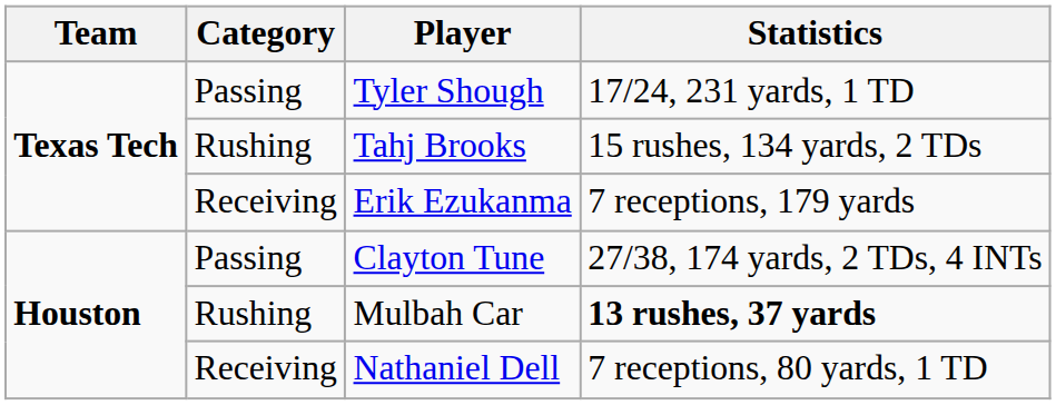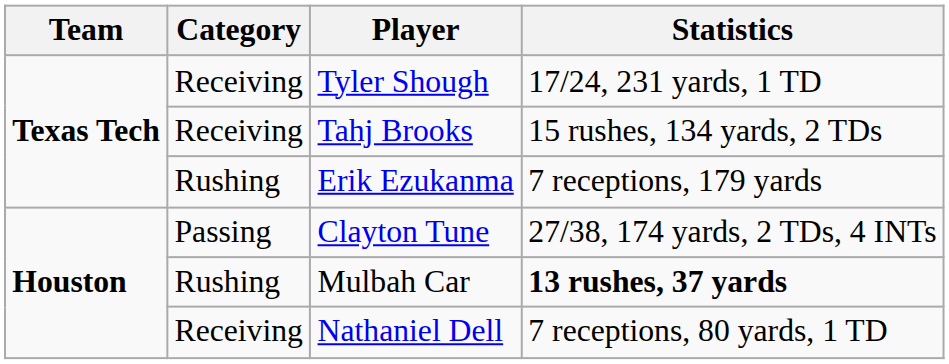 <table class="wikitable" style="float: left;">
 <tr>
 <th>Team</th>
 <th>Category</th>
 <th>Player</th>
 <th>Statistics</th>
 </tr>
 <tr>
 <td rowspan=3><strong>Texas Tech</strong></td>
-<td>Passing</td>
+<td>Receiving</td>
 <td><a href='#'>Tyler Shough</a></td>
 <td>17/24, 231 yards, 1 TD</td>
 </tr>
 <tr>
-<td>Rushing</td>
+<td>Receiving</td>
 <td><a href='#'>Tahj Brooks</a></td>
 <td>15 rushes, 134 yards, 2 TDs</td>
 </tr>
 <tr>
-<td>Receiving</td>
+<td>Rushing</td>
 <td><a href='#'>Erik Ezukanma</a></td>
 <td>7 receptions, 179 yards</td>
 </tr>
 <tr>
 <td rowspan=3><strong>Houston</strong></td>
 <td>Passing</td>
 <td><a href='#'>Clayton Tune</a></td>
 <td>27/38, 174 yards, 2 TDs, 4 INTs</td>
 </tr>
 <tr>
 <td>Rushing</td>
 <td>Mulbah Car</td>
 <td><strong>13 rushes, 37 yards</strong></td>
 </tr>
 <tr>
 <td>Receiving</td>
 <td><a href='#'>Nathaniel Dell</a></td>
 <td>7 receptions, 80 yards, 1 TD</td>
 </tr>
 </table>
